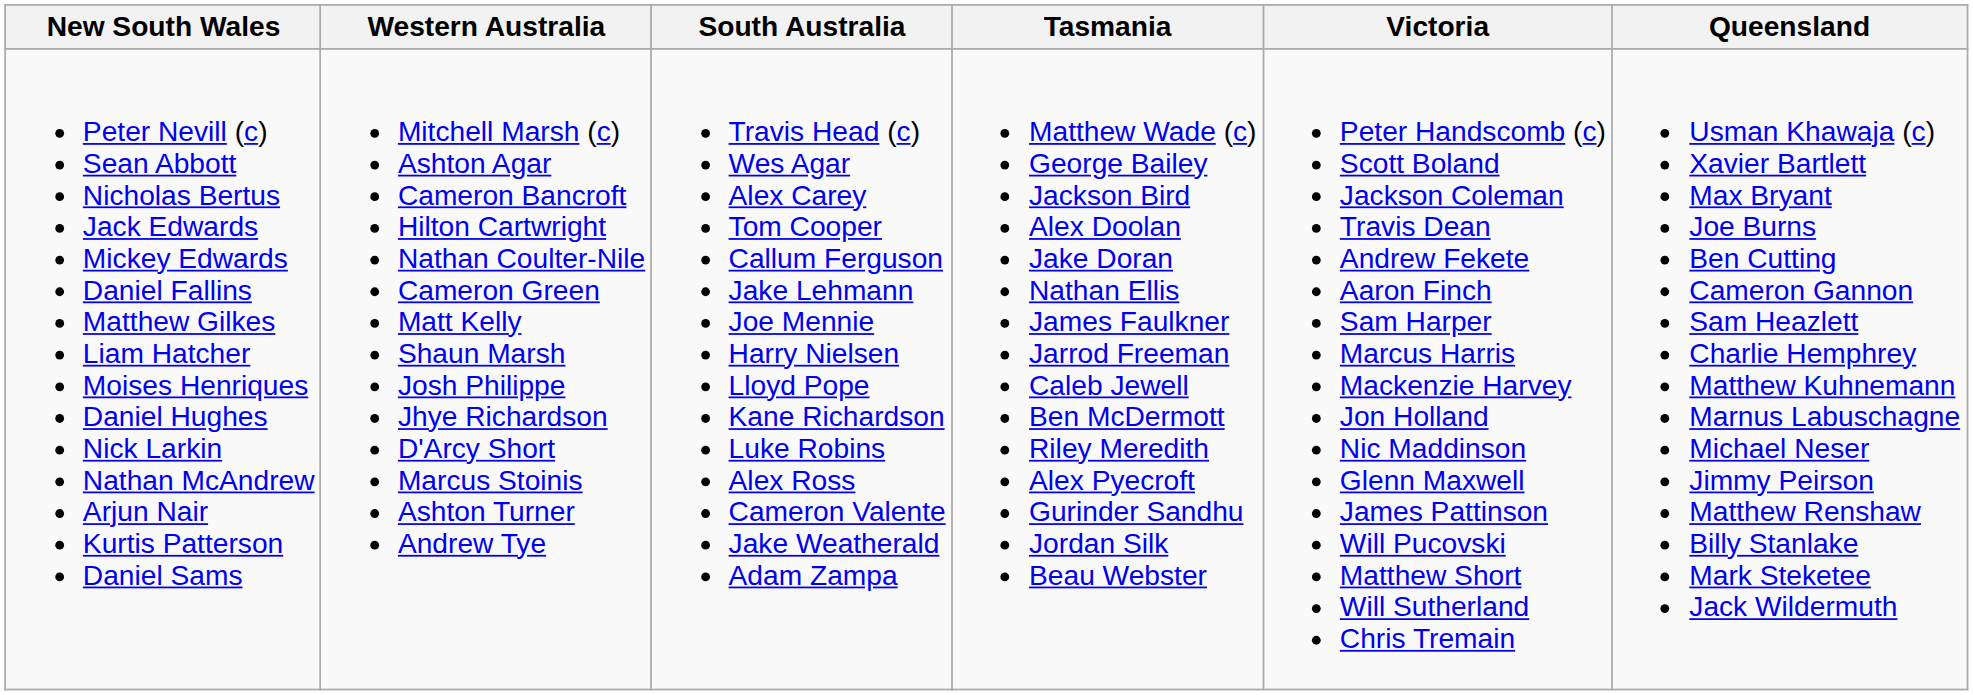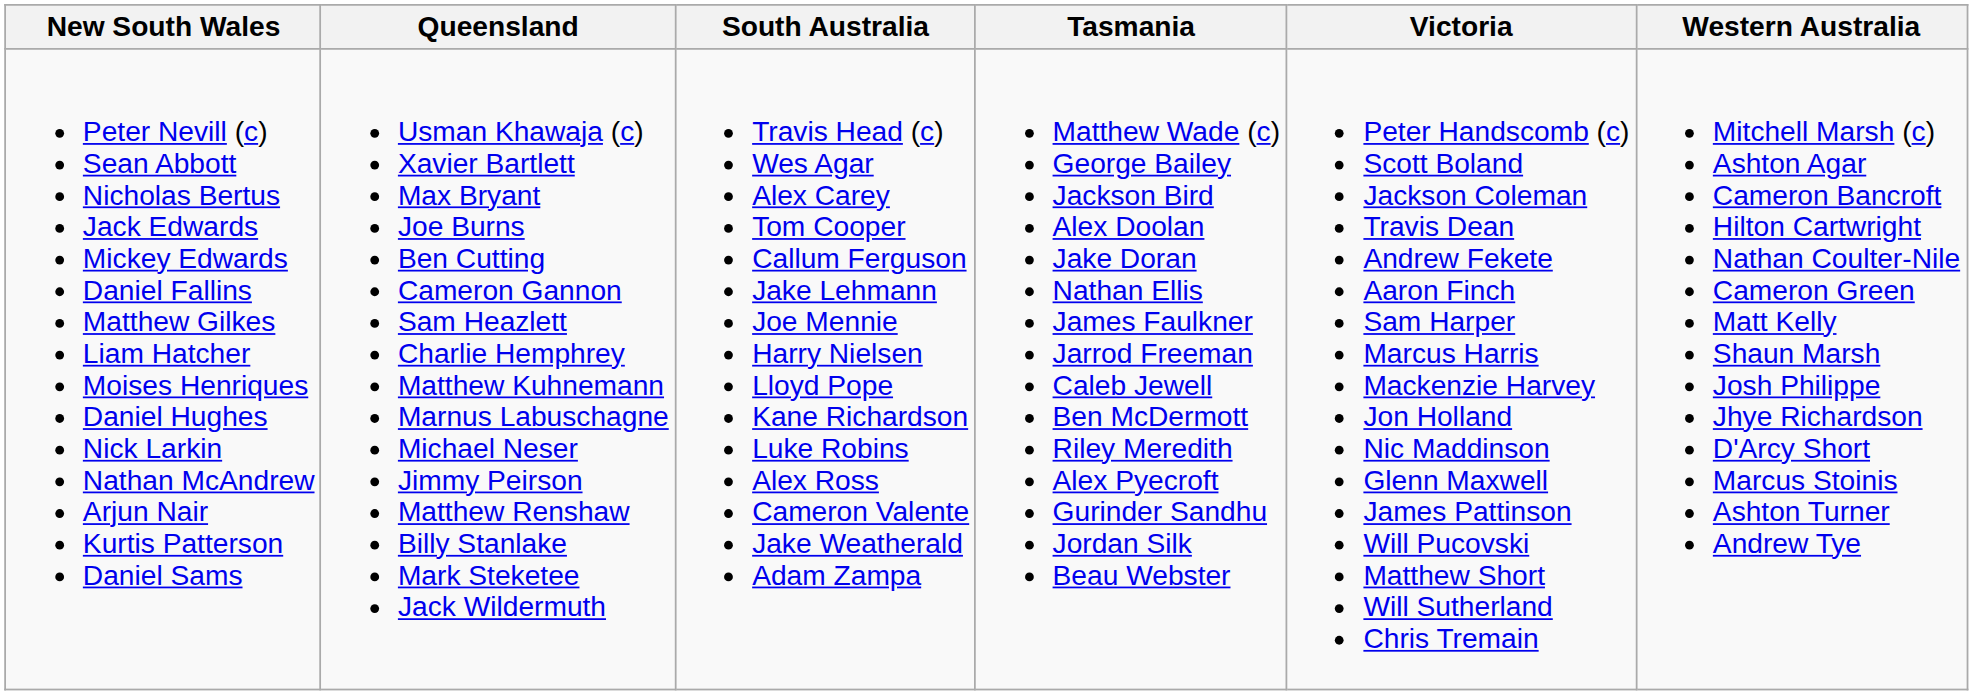 <table class="wikitable" style="text-align:left; margin:auto">
 <tr>
 <th style="width=20%;">New South Wales</th>
-<th style="width=20%;">Western Australia</th>
+<th style="width=20%;">Queensland</th>
 <th style="width=20%;">South Australia</th>
 <th style="width=20%;">Tasmania</th>
 <th style="width=20%;">Victoria</th>
-<th style="width=20%;">Queensland</th>
+<th style="width=20%;">Western Australia</th>
 </tr>
 <tr style="vertical-align:top">
 <td><br><ul><li><a href='#'>Peter Nevill</a> (<a href='#'>c</a>)</li><li><a href='#'>Sean Abbott</a></li><li><a href='#'>Nicholas Bertus</a></li><li><a href='#'>Jack Edwards</a></li><li><a href='#'>Mickey Edwards</a></li><li><a href='#'>Daniel Fallins</a></li><li><a href='#'>Matthew Gilkes</a></li><li><a href='#'>Liam Hatcher</a></li><li><a href='#'>Moises Henriques</a></li><li><a href='#'>Daniel Hughes</a></li><li><a href='#'>Nick Larkin</a></li><li><a href='#'>Nathan McAndrew</a></li><li><a href='#'>Arjun Nair</a></li><li><a href='#'>Kurtis Patterson</a></li><li><a href='#'>Daniel Sams</a></li></ul></td>
-<td><br><ul><li><a href='#'>Mitchell Marsh</a> (<a href='#'>c</a>)</li><li><a href='#'>Ashton Agar</a></li><li><a href='#'>Cameron Bancroft</a></li><li><a href='#'>Hilton Cartwright</a></li><li><a href='#'>Nathan Coulter-Nile</a></li><li><a href='#'>Cameron Green</a></li><li><a href='#'> Matt Kelly</a></li><li><a href='#'>Shaun Marsh</a></li><li><a href='#'>Josh Philippe</a></li><li><a href='#'>Jhye Richardson</a></li><li><a href='#'>D'Arcy Short</a></li><li><a href='#'>Marcus Stoinis</a></li><li><a href='#'>Ashton Turner</a></li><li><a href='#'>Andrew Tye</a></li></ul></td>
+<td><br><ul><li><a href='#'>Usman Khawaja</a> (<a href='#'>c</a>)</li><li><a href='#'>Xavier Bartlett</a></li><li><a href='#'>Max Bryant</a></li><li><a href='#'>Joe Burns</a></li><li><a href='#'>Ben Cutting</a></li><li><a href='#'>Cameron Gannon</a></li><li><a href='#'>Sam Heazlett</a></li><li><a href='#'>Charlie Hemphrey</a></li><li><a href='#'>Matthew Kuhnemann</a></li><li><a href='#'>Marnus Labuschagne</a></li><li><a href='#'>Michael Neser</a></li><li><a href='#'>Jimmy Peirson</a></li><li><a href='#'>Matthew Renshaw</a></li><li><a href='#'>Billy Stanlake</a></li><li><a href='#'>Mark Steketee</a></li><li><a href='#'>Jack Wildermuth</a></li></ul></td>
 <td><br><ul><li><a href='#'>Travis Head</a> (<a href='#'>c</a>)</li><li><a href='#'>Wes Agar</a></li><li><a href='#'>Alex Carey</a></li><li><a href='#'>Tom Cooper</a></li><li><a href='#'>Callum Ferguson</a></li><li><a href='#'>Jake Lehmann</a></li><li><a href='#'>Joe Mennie</a></li><li><a href='#'>Harry Nielsen</a></li><li><a href='#'>Lloyd Pope</a></li><li><a href='#'>Kane Richardson</a></li><li><a href='#'>Luke Robins</a></li><li><a href='#'>Alex Ross</a></li><li><a href='#'>Cameron Valente</a></li><li><a href='#'>Jake Weatherald</a></li><li><a href='#'>Adam Zampa</a></li></ul></td>
 <td><br><ul><li><a href='#'>Matthew Wade</a> (<a href='#'>c</a>)</li><li><a href='#'>George Bailey</a></li><li><a href='#'>Jackson Bird</a></li><li><a href='#'>Alex Doolan</a></li><li><a href='#'>Jake Doran</a></li><li><a href='#'>Nathan Ellis</a></li><li><a href='#'>James Faulkner</a></li><li><a href='#'>Jarrod Freeman</a></li><li><a href='#'>Caleb Jewell</a></li><li><a href='#'>Ben McDermott</a></li><li><a href='#'>Riley Meredith</a></li><li><a href='#'>Alex Pyecroft</a></li><li><a href='#'>Gurinder Sandhu</a></li><li><a href='#'>Jordan Silk</a></li><li><a href='#'>Beau Webster</a></li></ul></td>
 <td><br><ul><li><a href='#'>Peter Handscomb</a> (<a href='#'>c</a>)</li><li><a href='#'>Scott Boland</a></li><li><a href='#'>Jackson Coleman</a></li><li><a href='#'>Travis Dean</a></li><li><a href='#'>Andrew Fekete</a></li><li><a href='#'>Aaron Finch</a></li><li><a href='#'>Sam Harper</a></li><li><a href='#'>Marcus Harris</a></li><li><a href='#'>Mackenzie Harvey</a></li><li><a href='#'>Jon Holland</a></li><li><a href='#'>Nic Maddinson</a></li><li><a href='#'>Glenn Maxwell</a></li><li><a href='#'>James Pattinson</a></li><li><a href='#'>Will Pucovski</a></li><li><a href='#'>Matthew Short</a></li><li><a href='#'>Will Sutherland</a></li><li><a href='#'>Chris Tremain</a></li></ul></td>
-<td><br><ul><li><a href='#'>Usman Khawaja</a> (<a href='#'>c</a>)</li><li><a href='#'>Xavier Bartlett</a></li><li><a href='#'>Max Bryant</a></li><li><a href='#'>Joe Burns</a></li><li><a href='#'>Ben Cutting</a></li><li><a href='#'>Cameron Gannon</a></li><li><a href='#'>Sam Heazlett</a></li><li><a href='#'>Charlie Hemphrey</a></li><li><a href='#'>Matthew Kuhnemann</a></li><li><a href='#'>Marnus Labuschagne</a></li><li><a href='#'>Michael Neser</a></li><li><a href='#'>Jimmy Peirson</a></li><li><a href='#'>Matthew Renshaw</a></li><li><a href='#'>Billy Stanlake</a></li><li><a href='#'>Mark Steketee</a></li><li><a href='#'>Jack Wildermuth</a></li></ul></td>
+<td><br><ul><li><a href='#'>Mitchell Marsh</a> (<a href='#'>c</a>)</li><li><a href='#'>Ashton Agar</a></li><li><a href='#'>Cameron Bancroft</a></li><li><a href='#'>Hilton Cartwright</a></li><li><a href='#'>Nathan Coulter-Nile</a></li><li><a href='#'>Cameron Green</a></li><li><a href='#'> Matt Kelly</a></li><li><a href='#'>Shaun Marsh</a></li><li><a href='#'>Josh Philippe</a></li><li><a href='#'>Jhye Richardson</a></li><li><a href='#'>D'Arcy Short</a></li><li><a href='#'>Marcus Stoinis</a></li><li><a href='#'>Ashton Turner</a></li><li><a href='#'>Andrew Tye</a></li></ul></td>
 </tr>
 </table>
